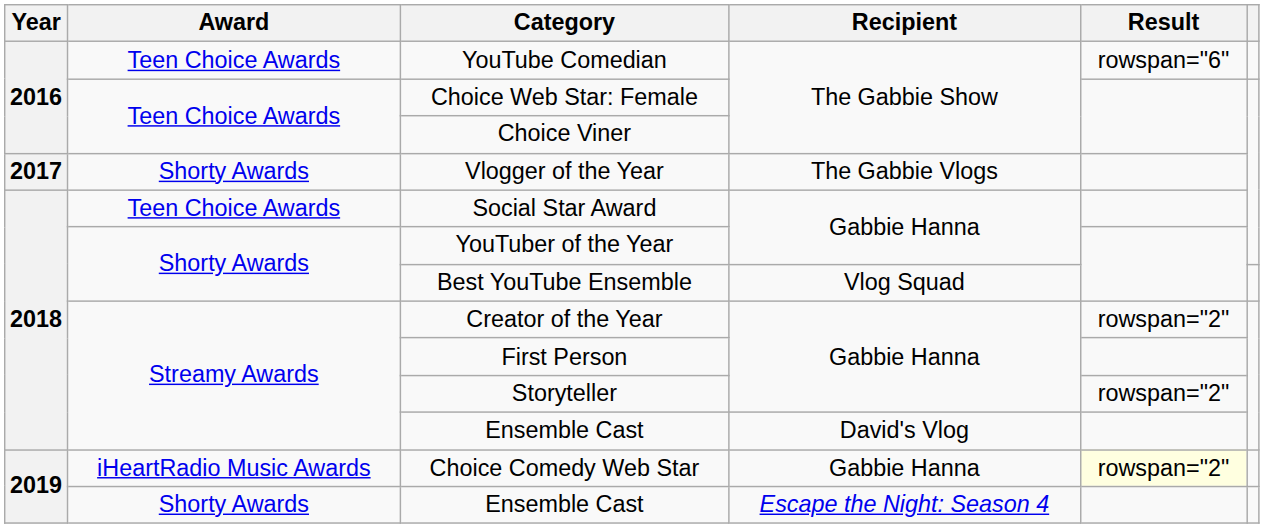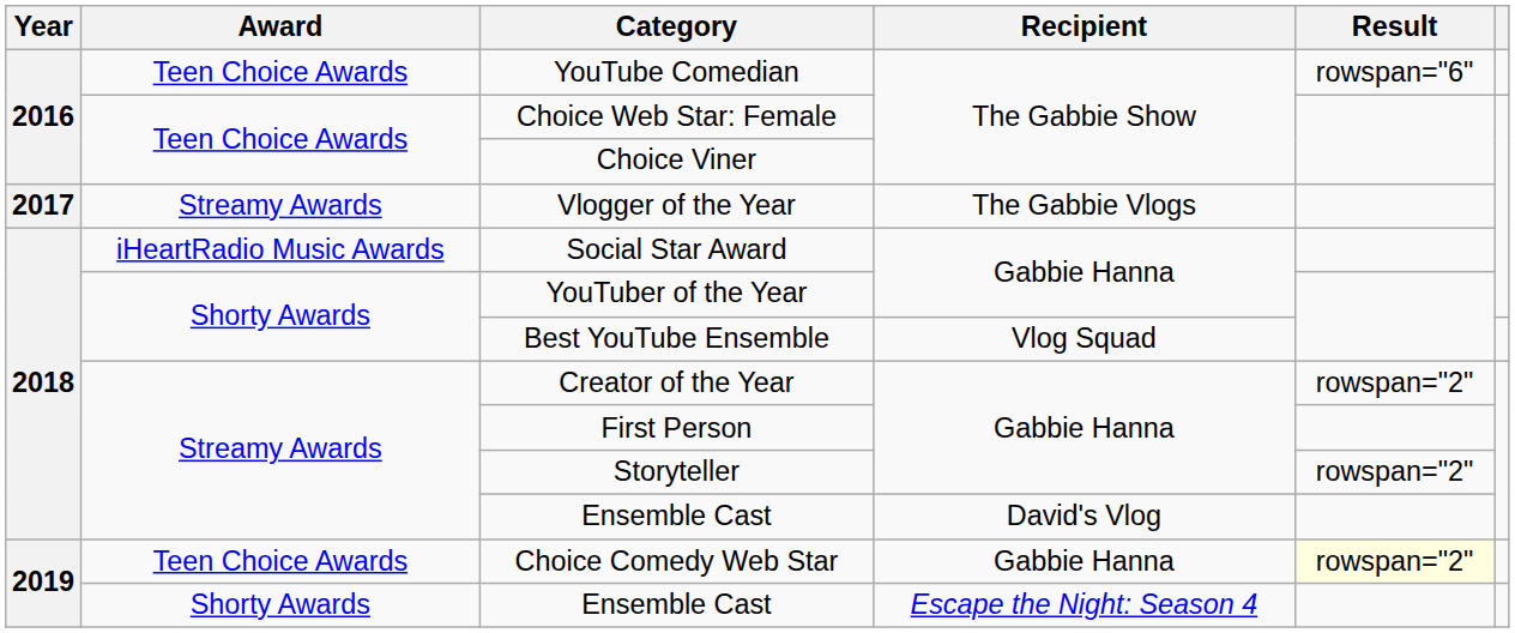 <table class="wikitable plainrowheaders unsortable" style="text-align:center">
 <tr>
 <th style="width:5%;">Year</th>
 <th>Award</th>
 <th>Category</th>
 <th>Recipient</th>
 <th>Result</th>
 <th></th>
 </tr>
 <tr>
 <th scope="row" rowspan="3">2016</th>
 <td><a href='#'>Teen Choice Awards</a></td>
 <td>YouTube Comedian</td>
 <td rowspan="3">The Gabbie Show</td>
 <td>rowspan="6" </td>
 <td></td>
 </tr>
 <tr>
 <td rowspan="2"><a href='#'>Teen Choice Awards</a></td>
 <td>Choice Web Star: Female</td>
 <td rowspan="2"></td>
 </tr>
 <tr>
 <td>Choice Viner</td>
 </tr>
 <tr>
 <th scope="row">2017</th>
-<td><a href='#'>Shorty Awards</a></td>
+<td><a href='#'>Streamy Awards</a></td>
 <td>Vlogger of the Year</td>
 <td>The Gabbie Vlogs</td>
 <td></td>
 </tr>
 <tr>
 <th scope="row" rowspan="7">2018</th>
-<td><a href='#'>Teen Choice Awards</a></td>
+<td><a href='#'>iHeartRadio Music Awards</a></td>
 <td>Social Star Award</td>
 <td rowspan="2">Gabbie Hanna</td>
 <td></td>
 </tr>
 <tr>
 <td rowspan="2"><a href='#'>Shorty Awards</a></td>
 <td>YouTuber of the Year</td>
 <td rowspan="2"></td>
 </tr>
 <tr>
 <td>Best YouTube Ensemble</td>
 <td>Vlog Squad</td>
 <td></td>
 </tr>
 <tr>
 <td rowspan="4"><a href='#'>Streamy Awards</a></td>
 <td>Creator of the Year</td>
 <td rowspan="3">Gabbie Hanna</td>
 <td>rowspan="2" </td>
 <td rowspan="4"></td>
 </tr>
 <tr>
 <td>First Person</td>
 </tr>
 <tr>
 <td>Storyteller</td>
 <td>rowspan="2" </td>
 </tr>
 <tr>
 <td>Ensemble Cast</td>
 <td>David's Vlog</td>
 </tr>
 <tr>
 <th scope="row" rowspan="2">2019</th>
-<td><a href='#'>iHeartRadio Music Awards</a></td>
+<td><a href='#'>Teen Choice Awards</a></td>
 <td>Choice Comedy Web Star</td>
 <td>Gabbie Hanna</td>
 <td style="background: lightyellow;">rowspan="2" </td>
 <td></td>
 </tr>
 <tr>
 <td><a href='#'>Shorty Awards</a></td>
 <td>Ensemble Cast</td>
 <td><em><a href='#'>Escape the Night: Season 4</a></em></td>
 <td></td>
 </tr>
 </table>
